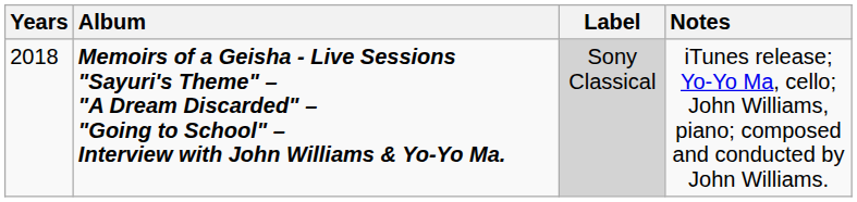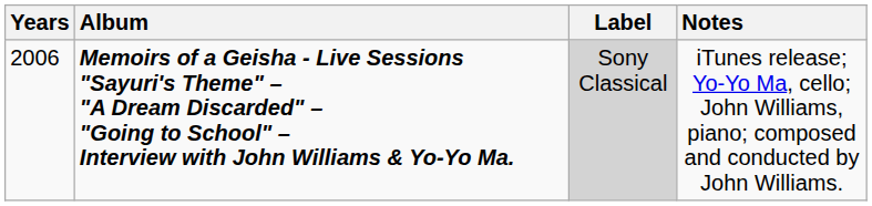 <table class="wikitable">
 <tr>
 <th style="vertical-align:top; text-align:left; width:40px;">Years</th>
 <th style="vertical-align:top; text-align:left; width:350px;">Album</th>
 <th style="vertical-align:top; text-align:center; width:70px;">Label</th>
 <th style="vertical-align:top; text-align:left; width:130px;">Notes</th>
 </tr>
 <tr style="vertical-align:top;">
-<td style="text-align:left; ">2018</td>
+<td style="text-align:left; ">2006</td>
 <td style="text-align:left; "><strong><em>Memoirs of a Geisha - Live Sessions<em><strong><br>"Sayuri's Theme" –<br>"A Dream Discarded" –<br>"Going to School" –<br>Interview with John Williams & Yo-Yo Ma.</td>
 <td style="background: lightgrey; text-align:center; ">Sony Classical</td>
 <td style="text-align:center; ">iTunes release; <a href='#'>Yo-Yo Ma</a>, cello; John Williams, piano; composed and conducted by John Williams.</td>
 </tr>
 </table>
